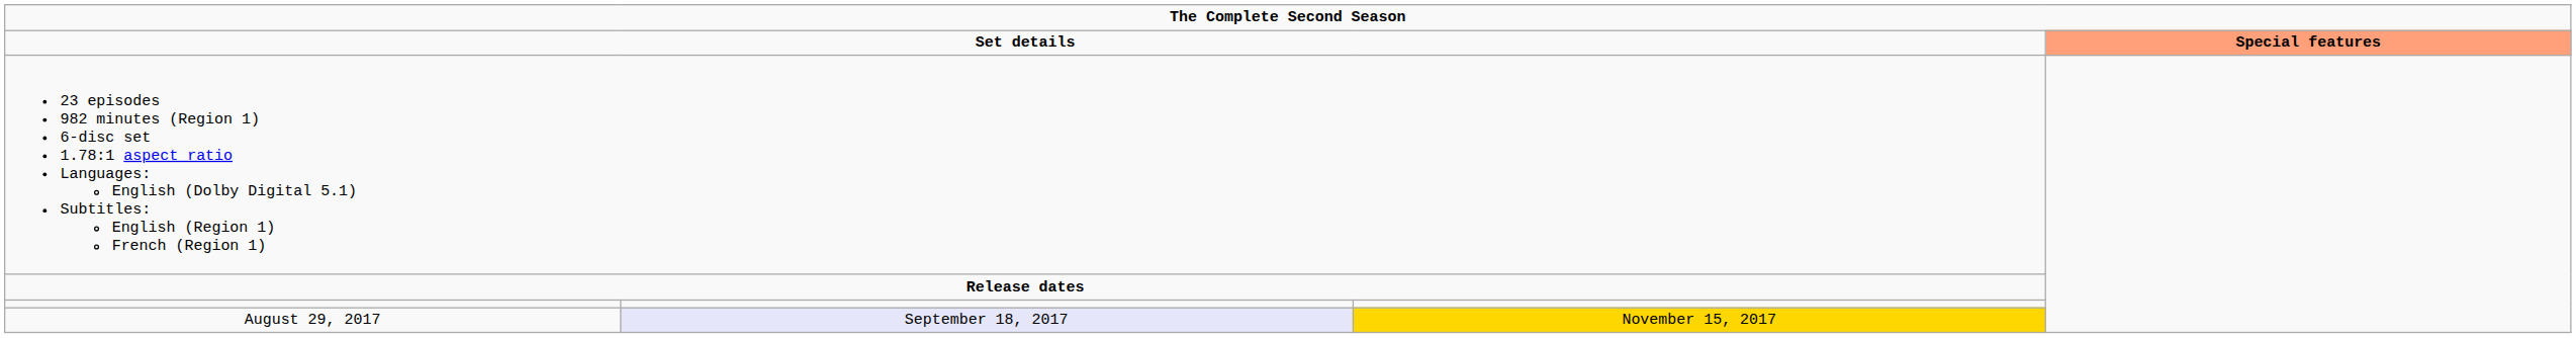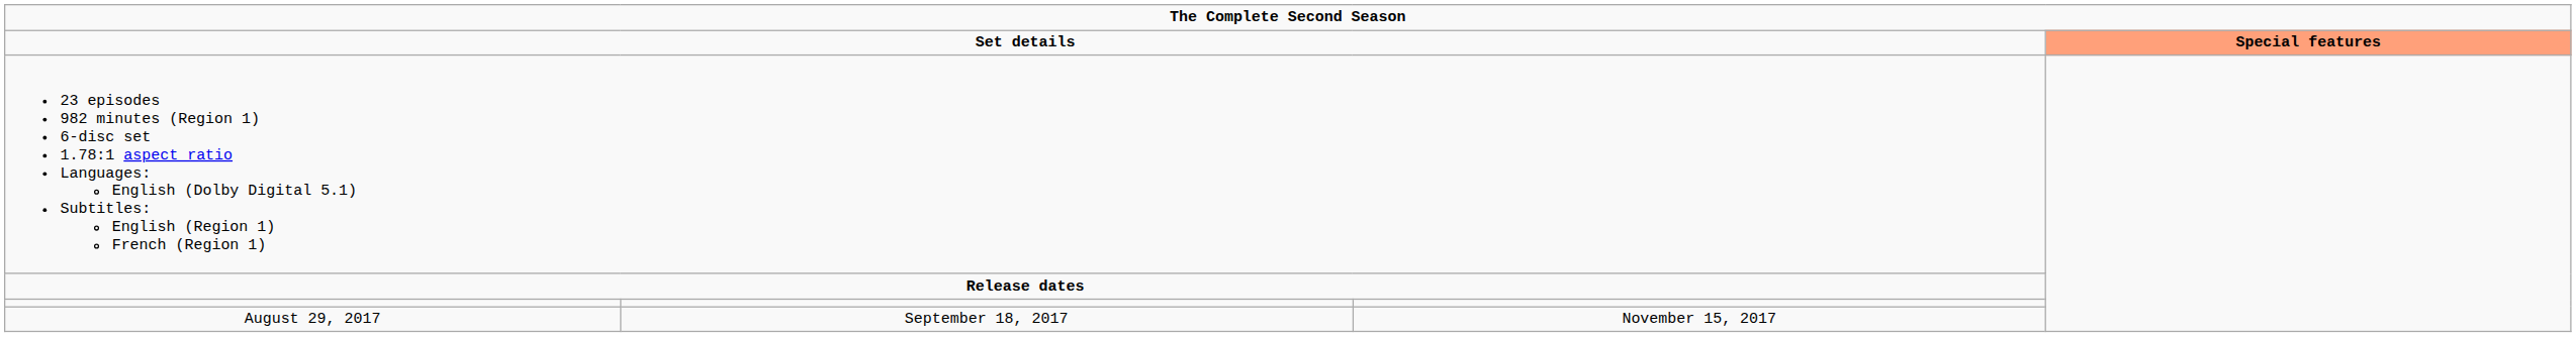 <table class="wikitable plainrowheaders" style="font-size:90%; text-align:center; width: 100%; margin-left: auto; margin-right: auto;">
 <tr>
 <td colspan="6"><strong>The Complete Second Season</strong></td>
 </tr>
 <tr>
 <td align="center" width="300" colspan="3"><strong>Set details</strong></td>
 <td width="400" align="center" style="background: lightsalmon;"><strong>Special features</strong></td>
 </tr>
 <tr valign="top">
 <td colspan="3" align="left" width="300"><br><ul><li>23 episodes</li><li>982 minutes (Region 1)</li><li>6-disc set</li><li>1.78:1 <a href='#'>aspect ratio</a></li><li>Languages:<ul><li>English (Dolby Digital 5.1)</li></ul></li><li>Subtitles:<ul><li>English (Region 1)</li><li>French (Region 1)</li></ul></li></ul></td>
 <td rowspan="4" align="left" width="400"></td>
 </tr>
 <tr>
 <td colspan="3" align="center"><strong>Release dates</strong></td>
 </tr>
 <tr>
 <td align="center"></td>
 <td align="center"></td>
 <td align="center"></td>
 </tr>
 <tr>
 <td align="center">August 29, 2017</td>
-<td align="center" style="background: lavender;">September 18, 2017</td>
-<td align="center" style="background: gold;">November 15, 2017</td>
+<td align="center">September 18, 2017</td>
+<td align="center">November 15, 2017</td>
 </tr>
 </table>
